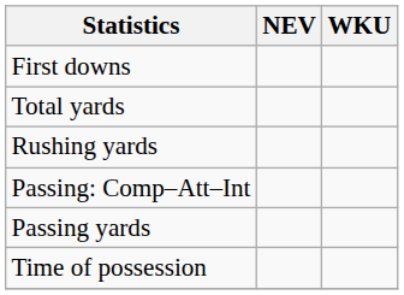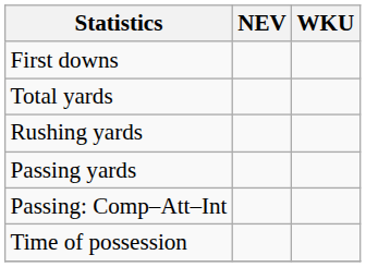 <table class="wikitable" style="float: left;">
 <tr>
 <th>Statistics</th>
 <th>NEV</th>
 <th>WKU</th>
 </tr>
 <tr>
 <td>First downs</td>
 <td></td>
 <td></td>
 </tr>
 <tr>
 <td>Total yards</td>
 <td></td>
 <td></td>
 </tr>
 <tr>
 <td>Rushing yards</td>
 <td></td>
 <td></td>
 </tr>
 <tr>
-<td>Passing: Comp–Att–Int</td>
+<td>Passing yards</td>
 <td></td>
 <td></td>
 </tr>
 <tr>
-<td>Passing yards</td>
+<td>Passing: Comp–Att–Int</td>
 <td></td>
 <td></td>
 </tr>
 <tr>
 <td>Time of possession</td>
 <td></td>
 <td></td>
 </tr>
 <tr>
 </tr>
 </table>
